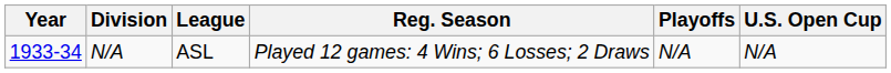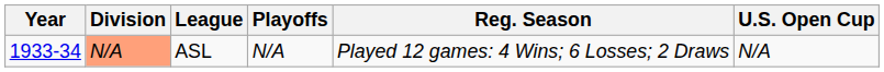 <table class="wikitable">
 <tr>
 <th>Year</th>
 <th>Division</th>
 <th>League</th>
+<th>Playoffs</th>
 <th>Reg. Season</th>
-<th>Playoffs</th>
 <th>U.S. Open Cup</th>
 </tr>
 <tr>
 <td><a href='#'>1933-34</a></td>
+<td style="background: lightsalmon;"><em>N/A</em></td>
+<td>ASL</td>
 <td><em>N/A</em></td>
-<td>ASL</td>
 <td><em>Played 12 games: 4 Wins; 6 Losses; 2 Draws</em></td>
-<td><em>N/A</em></td>
 <td><em>N/A</em></td>
 </tr>
 </table>
